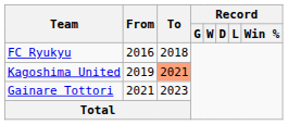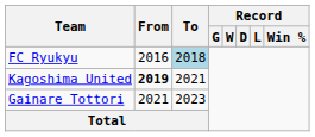 <table class="wikitable" style="text-align: center">
 <tr>
 <th rowspan="2">Team</th>
 <th rowspan="2">From</th>
 <th rowspan="2">To</th>
 <th colspan="5">Record</th>
 </tr>
 <tr>
 <th>G</th>
 <th>W</th>
 <th>D</th>
 <th>L</th>
 <th>Win %</th>
 </tr>
 <tr>
 <td align="left"><a href='#'>FC Ryukyu</a></td>
 <td align="left">2016</td>
-<td align="left">2018<br></td>
+<td align="left" style="background: lightblue;">2018<br></td>
 </tr>
 <tr>
 <td align="left"><a href='#'>Kagoshima United</a></td>
-<td align="left">2019</td>
-<td align="left" style="background: lightsalmon;">2021<br></td>
+<td align="left"><strong>2019</strong></td>
+<td align="left">2021<br></td>
 </tr>
 <tr>
 <td align="left"><a href='#'>Gainare Tottori</a></td>
 <td align="left">2021</td>
 <td align="left">2023<br></td>
 </tr>
 <tr>
 <th colspan="3">Total<br></th>
 </tr>
 </table>
